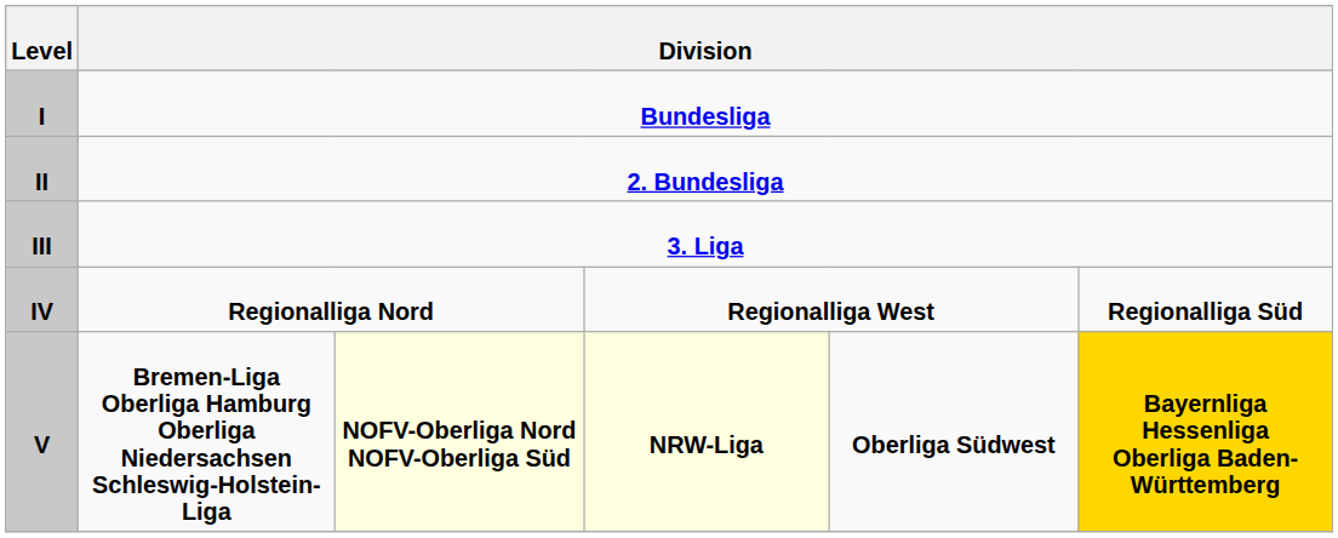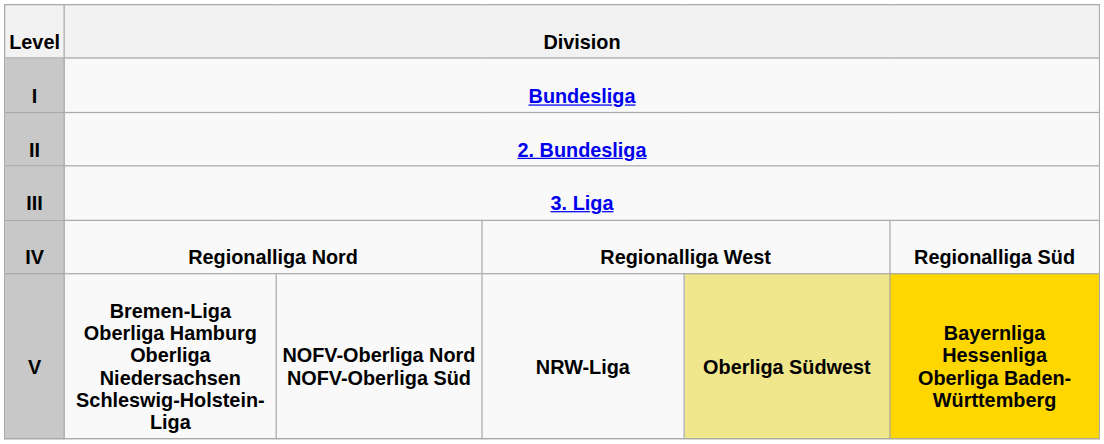 <table class="wikitable" style="text-align:center" height="30" width="100%">
 <tr style="background:#c8c8c8">
 <th colspan="1" height="30"><br>Level</th>
 <th colspan="5"><br>Division</th>
 </tr>
 <tr>
 <td colspan="1" style="background:#c8c8c8"><br><strong>I</strong></td>
 <td colspan="5"><br><strong><a href='#'>Bundesliga</a></strong></td>
 </tr>
 <tr>
 <td colspan="1" style="background:#c8c8c8"><br><strong>II</strong></td>
 <td colspan="5"><br><strong><a href='#'>2. Bundesliga</a></strong></td>
 </tr>
 <tr>
 <td colspan="1" style="background:#c8c8c8"><br><strong>III</strong></td>
 <td colspan="5"><br><strong><a href='#'>3. Liga</a></strong></td>
 </tr>
 <tr>
 <td colspan="1" style="background:#c8c8c8"><br><strong>IV</strong></td>
 <td colspan="2"><br><strong>Regionalliga Nord</strong></td>
 <td colspan="2"><br><strong>Regionalliga West</strong></td>
 <td colspan="1"><br><strong>Regionalliga Süd</strong></td>
 </tr>
 <tr>
 <td colspan="1" style="background:#c8c8c8"><br><strong>V</strong></td>
 <td colspan="1" width="20%"><br><strong>Bremen-Liga</strong><br> <strong>Oberliga Hamburg</strong><br> <strong>Oberliga Niedersachsen</strong><br> <strong>Schleswig-Holstein-Liga</strong></td>
-<td colspan="1" width="20%" style="background: lightyellow;"><br><strong>NOFV-Oberliga Nord</strong><br> <strong>NOFV-Oberliga Süd</strong></td>
-<td colspan="1" width="20%" style="background: lightyellow;"><br><strong>NRW-Liga</strong></td>
-<td colspan="1" width="20%"><br><strong>Oberliga Südwest</strong></td>
+<td colspan="1" width="20%"><br><strong>NOFV-Oberliga Nord</strong><br> <strong>NOFV-Oberliga Süd</strong></td>
+<td colspan="1" width="20%"><br><strong>NRW-Liga</strong></td>
+<td colspan="1" width="20%" style="background: khaki;"><br><strong>Oberliga Südwest</strong></td>
 <td colspan="1" width="20%" style="background: gold;"><br><strong>Bayernliga</strong><br> <strong>Hessenliga</strong><br> <strong>Oberliga Baden-Württemberg</strong></td>
 </tr>
 <tr>
 </tr>
 </table>
